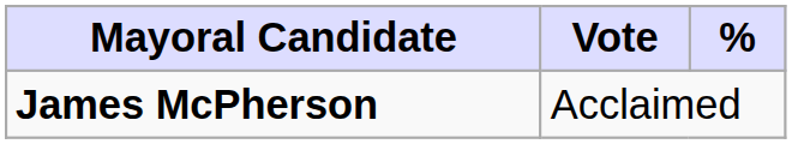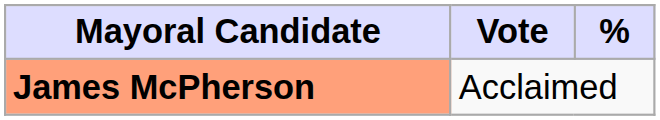 <table class="wikitable">
 <tr>
 <th style="background:#ddf; width:200px;">Mayoral Candidate</th>
 <th style="background:#ddf; width:50px;">Vote</th>
 <th style="background:#ddf; width:30px;">%</th>
 </tr>
 <tr>
-<td><strong>James McPherson</strong></td>
+<td style="background: lightsalmon;"><strong>James McPherson</strong></td>
 <td colspan="2">Acclaimed</td>
 </tr>
 </table>
